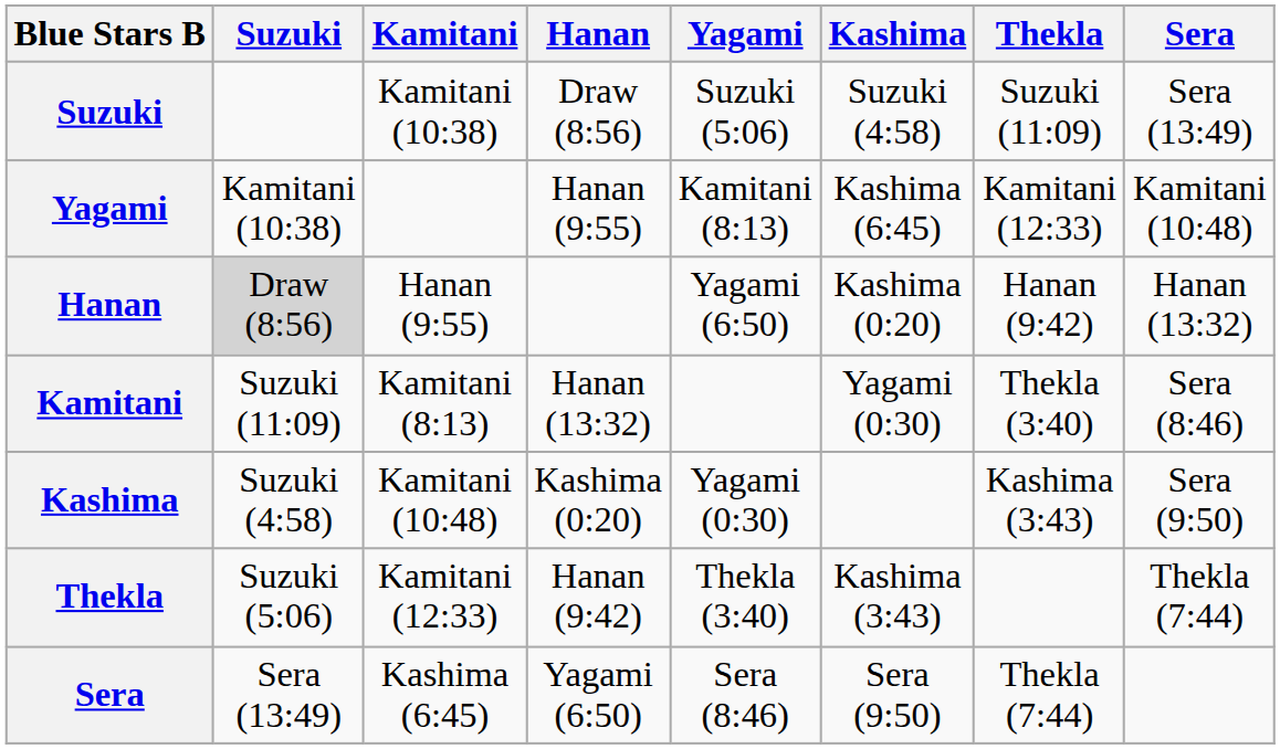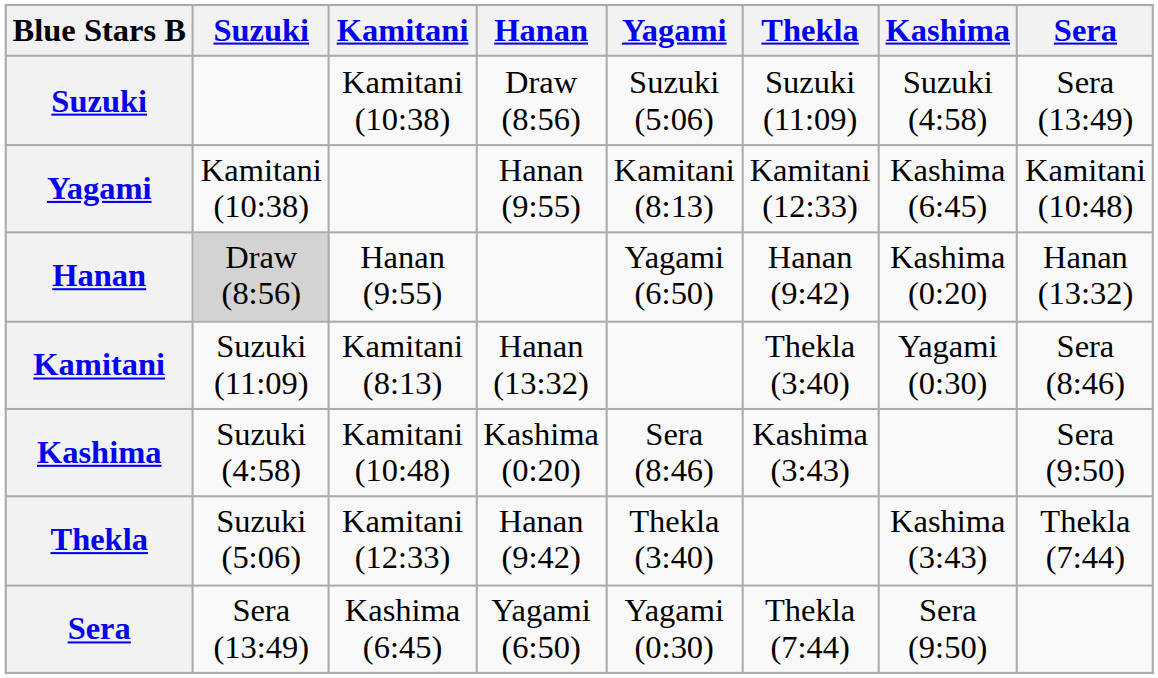 <table class="wikitable" style="text-align:center; margin: 1em auto 1em auto">
 <tr>
 <th>Blue Stars B</th>
 <th><a href='#'>Suzuki</a></th>
 <th><a href='#'>Kamitani</a></th>
 <th><a href='#'>Hanan</a></th>
 <th><a href='#'>Yagami</a></th>
+<th><a href='#'>Thekla</a></th>
 <th><a href='#'>Kashima</a></th>
-<th><a href='#'>Thekla</a></th>
 <th><a href='#'>Sera</a></th>
 </tr>
 <tr>
 <th><a href='#'>Suzuki</a></th>
 <td></td>
 <td>Kamitani<br>(10:38)</td>
 <td>Draw<br>(8:56)</td>
 <td>Suzuki<br>(5:06)</td>
+<td>Suzuki<br>(11:09)</td>
 <td>Suzuki<br>(4:58)</td>
-<td>Suzuki<br>(11:09)</td>
 <td>Sera<br>(13:49)</td>
 </tr>
 <tr>
 <th><a href='#'>Yagami</a></th>
 <td>Kamitani<br>(10:38)</td>
 <td></td>
 <td>Hanan<br>(9:55)</td>
 <td>Kamitani<br>(8:13)</td>
+<td>Kamitani<br>(12:33)</td>
 <td>Kashima<br>(6:45)</td>
-<td>Kamitani<br>(12:33)</td>
 <td>Kamitani<br>(10:48)</td>
 </tr>
 <tr>
 <th><a href='#'>Hanan</a></th>
 <td style="background: lightgrey;">Draw<br>(8:56)</td>
 <td>Hanan<br>(9:55)</td>
 <td></td>
 <td>Yagami<br>(6:50)</td>
+<td>Hanan<br>(9:42)</td>
 <td>Kashima<br>(0:20)</td>
-<td>Hanan<br>(9:42)</td>
 <td>Hanan<br>(13:32)</td>
 </tr>
 <tr>
 <th><a href='#'>Kamitani</a></th>
 <td>Suzuki<br>(11:09)</td>
 <td>Kamitani<br>(8:13)</td>
 <td>Hanan<br>(13:32)</td>
 <td></td>
+<td>Thekla<br>(3:40)</td>
 <td>Yagami<br>(0:30)</td>
-<td>Thekla<br>(3:40)</td>
 <td>Sera<br>(8:46)</td>
 </tr>
 <tr>
 <th><a href='#'>Kashima</a></th>
 <td>Suzuki<br>(4:58)</td>
 <td>Kamitani<br>(10:48)</td>
 <td>Kashima<br>(0:20)</td>
-<td>Yagami<br>(0:30)</td>
+<td>Sera<br>(8:46)</td>
+<td>Kashima<br>(3:43)</td>
 <td></td>
-<td>Kashima<br>(3:43)</td>
 <td>Sera<br>(9:50)</td>
 </tr>
 <tr>
 <th><a href='#'>Thekla</a></th>
 <td>Suzuki<br>(5:06)</td>
 <td>Kamitani<br>(12:33)</td>
 <td>Hanan<br>(9:42)</td>
 <td>Thekla<br>(3:40)</td>
+<td></td>
 <td>Kashima<br>(3:43)</td>
-<td></td>
 <td>Thekla<br>(7:44)</td>
 </tr>
 <tr>
 <th><a href='#'>Sera</a></th>
 <td>Sera<br>(13:49)</td>
 <td>Kashima<br>(6:45)</td>
 <td>Yagami<br>(6:50)</td>
-<td>Sera<br>(8:46)</td>
+<td>Yagami<br>(0:30)</td>
+<td>Thekla<br>(7:44)</td>
 <td>Sera<br>(9:50)</td>
-<td>Thekla<br>(7:44)</td>
 <td></td>
 </tr>
 </table>
